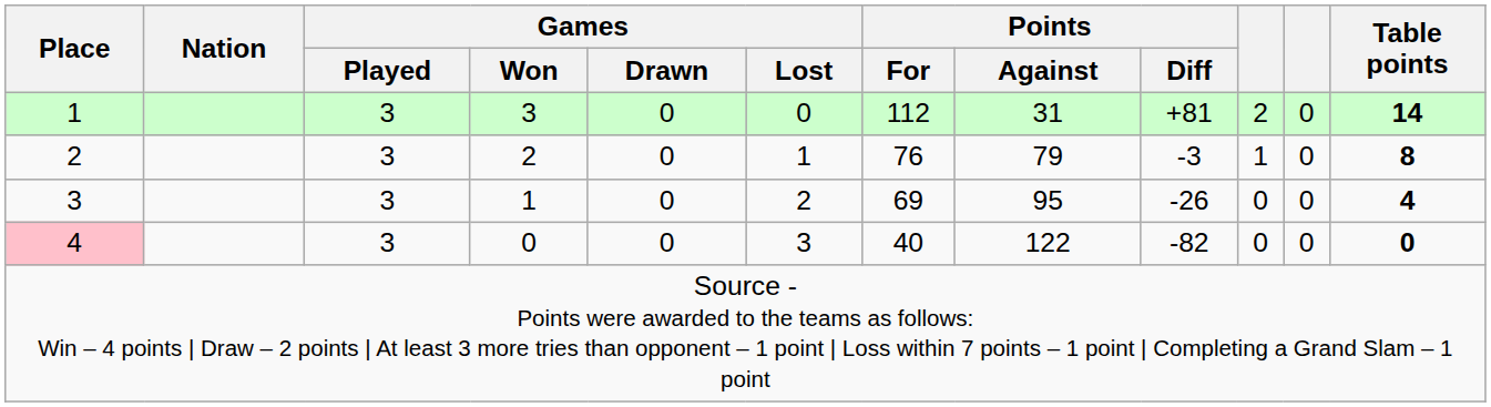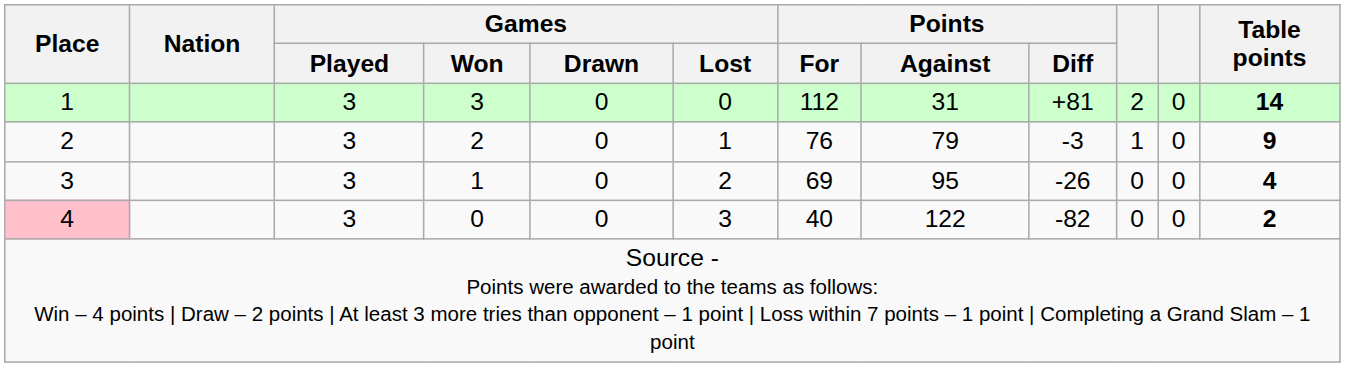 <table class="wikitable" style="text-align:center">
 <tr>
 <th rowspan="2">Place</th>
 <th rowspan="2">Nation</th>
 <th colspan="4">Games</th>
 <th colspan="3">Points</th>
 <th rowspan="2"></th>
 <th rowspan="2"></th>
 <th rowspan="2">Table<br>points</th>
 </tr>
 <tr>
 <th>Played</th>
 <th>Won</th>
 <th>Drawn</th>
 <th>Lost</th>
 <th>For</th>
 <th>Against</th>
 <th>Diff</th>
 </tr>
 <tr bgcolor="#cfc">
 <td>1</td>
 <td style="text-align:left"></td>
 <td>3</td>
 <td>3</td>
 <td>0</td>
 <td>0</td>
 <td>112</td>
 <td>31</td>
 <td>+81</td>
 <td>2</td>
 <td>0</td>
 <td><strong>14</strong></td>
 </tr>
 <tr>
 <td>2</td>
 <td style="text-align:left"></td>
 <td>3</td>
 <td>2</td>
 <td>0</td>
 <td>1</td>
 <td>76</td>
 <td>79</td>
 <td>-3</td>
 <td>1</td>
 <td>0</td>
-<td><strong>8</strong></td>
+<td><strong>9</strong></td>
 </tr>
 <tr>
 <td>3</td>
 <td style="text-align:left"></td>
 <td>3</td>
 <td>1</td>
 <td>0</td>
 <td>2</td>
 <td>69</td>
 <td>95</td>
 <td>-26</td>
 <td>0</td>
 <td>0</td>
 <td><strong>4</strong></td>
 </tr>
 <tr>
 <td style="background: pink;">4</td>
 <td style="text-align:left"></td>
 <td>3</td>
 <td>0</td>
 <td>0</td>
 <td>3</td>
 <td>40</td>
 <td>122</td>
 <td>-82</td>
 <td>0</td>
 <td>0</td>
-<td><strong>0</strong></td>
+<td><strong>2</strong></td>
 </tr>
 <tr>
 <td colspan="100%" style="text-align:center">Source - <br><small>Points were awarded to the teams as follows:<br>Win – 4 points | Draw – 2 points | At least 3 more tries than opponent – 1 point | Loss within 7 points – 1 point | Completing a Grand Slam – 1 point</small></td>
 </tr>
 </table>
